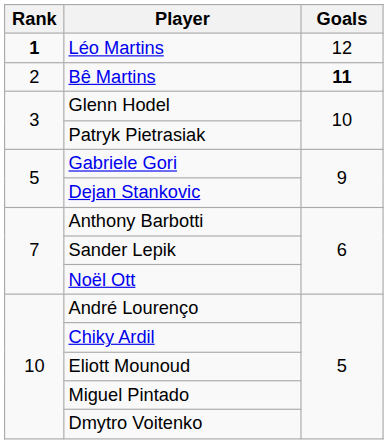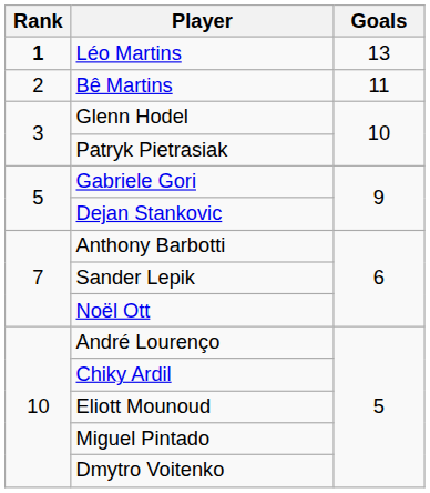 <table class="wikitable" style="text-align:center">
 <tr>
 <th width=45>Rank</th>
 <th width=200>Player</th>
 <th width=65>Goals</th>
 </tr>
 <tr>
 <td><strong>1</strong></td>
 <td style="text-align:left"> <a href='#'>Léo Martins</a></td>
-<td>12</td>
+<td>13</td>
 </tr>
 <tr>
 <td>2</td>
 <td style="text-align:left"> <a href='#'>Bê Martins</a></td>
-<td><strong>11</strong></td>
+<td>11</td>
 </tr>
 <tr>
 <td rowspan=2>3</td>
 <td style="text-align:left"> Glenn Hodel</td>
 <td rowspan=2>10</td>
 </tr>
 <tr>
 <td style="text-align:left"> Patryk Pietrasiak</td>
 </tr>
 <tr>
 <td rowspan=2>5</td>
 <td style="text-align:left"> <a href='#'>Gabriele Gori</a></td>
 <td rowspan=2>9</td>
 </tr>
 <tr>
 <td style="text-align:left"> <a href='#'>Dejan Stankovic</a></td>
 </tr>
 <tr>
 <td rowspan=3>7</td>
 <td style="text-align:left"> Anthony Barbotti</td>
 <td rowspan=3>6</td>
 </tr>
 <tr>
 <td style="text-align:left"> Sander Lepik</td>
 </tr>
 <tr>
 <td style="text-align:left"> <a href='#'>Noël Ott</a></td>
 </tr>
 <tr>
 <td rowspan=5>10</td>
 <td style="text-align:left"> André Lourenço</td>
 <td rowspan=5>5</td>
 </tr>
 <tr>
 <td style="text-align:left"> <a href='#'>Chiky Ardil</a></td>
 </tr>
 <tr>
 <td style="text-align:left"> Eliott Mounoud</td>
 </tr>
 <tr>
 <td style="text-align:left"> Miguel Pintado</td>
 </tr>
 <tr>
 <td style="text-align:left"> Dmytro Voitenko</td>
 </tr>
 </table>
